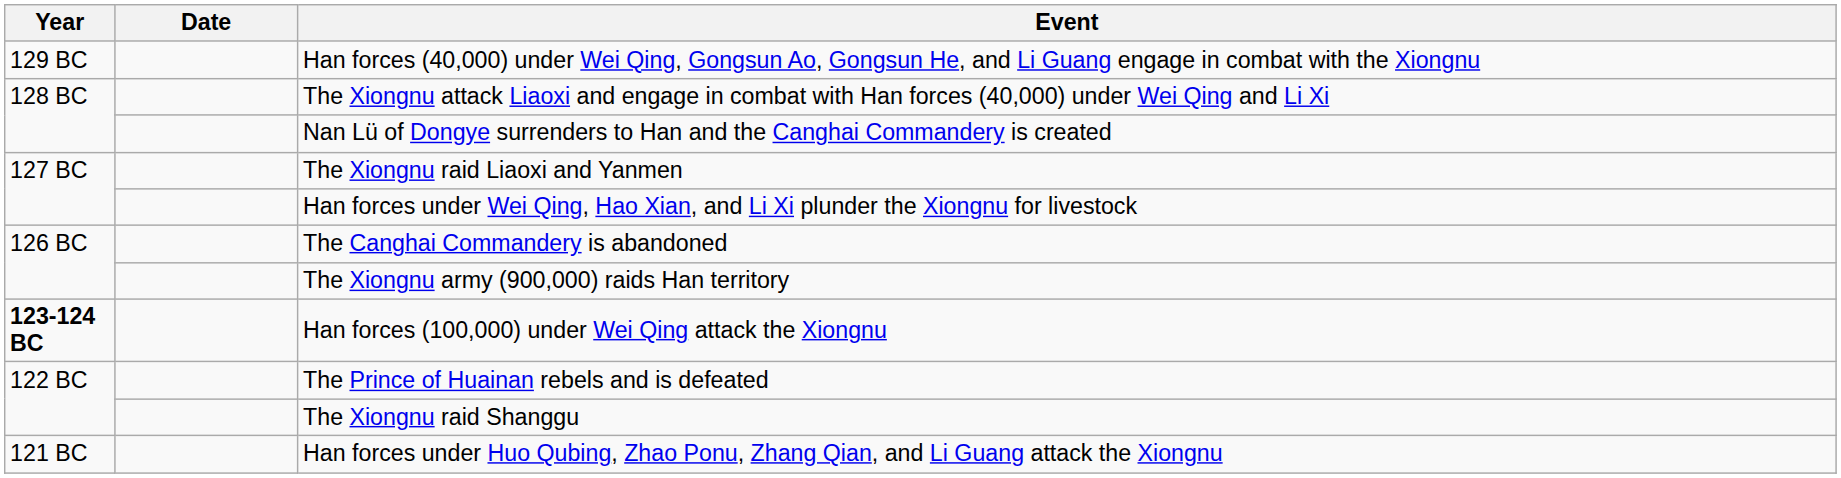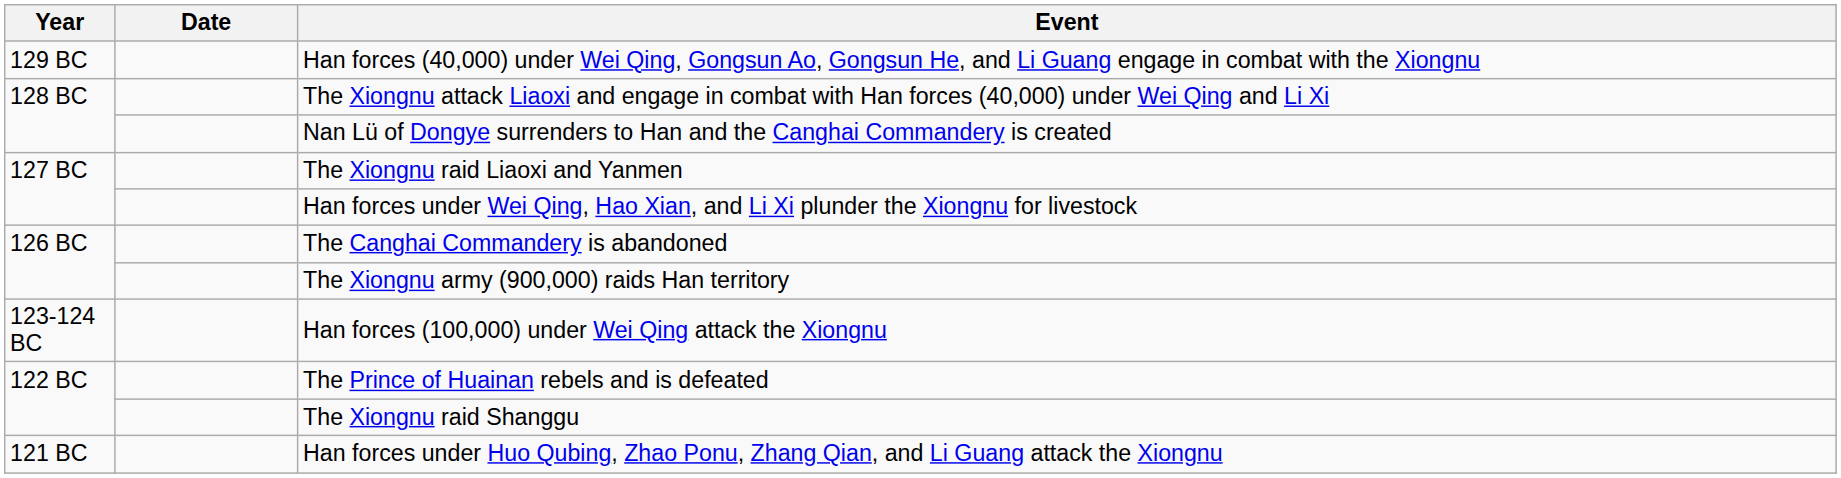 <table class="wikitable" style="width:100%;">
 <tr>
 <th style="width:6%">Year</th>
 <th style="width:10%">Date</th>
 <th>Event</th>
 </tr>
 <tr>
 <td>129 BC</td>
 <td></td>
 <td>Han forces (40,000) under <a href='#'>Wei Qing</a>, <a href='#'>Gongsun Ao</a>, <a href='#'>Gongsun He</a>, and <a href='#'>Li Guang</a> engage in combat with the <a href='#'>Xiongnu</a></td>
 </tr>
 <tr>
 <td rowspan="2" style="vertical-align:top;">128 BC</td>
 <td></td>
 <td>The <a href='#'>Xiongnu</a> attack <a href='#'>Liaoxi</a> and engage in combat with Han forces (40,000) under <a href='#'>Wei Qing</a> and <a href='#'>Li Xi</a></td>
 </tr>
 <tr>
 <td></td>
 <td>Nan Lü of <a href='#'>Dongye</a> surrenders to Han and the <a href='#'>Canghai Commandery</a> is created</td>
 </tr>
 <tr>
 <td rowspan="2" style="vertical-align:top;">127 BC</td>
 <td></td>
 <td>The <a href='#'>Xiongnu</a> raid Liaoxi and Yanmen</td>
 </tr>
 <tr>
 <td></td>
 <td>Han forces under <a href='#'>Wei Qing</a>, <a href='#'>Hao Xian</a>, and <a href='#'>Li Xi</a> plunder the <a href='#'>Xiongnu</a> for livestock</td>
 </tr>
 <tr>
 <td rowspan="2" style="vertical-align:top;">126 BC</td>
 <td></td>
 <td>The <a href='#'>Canghai Commandery</a> is abandoned</td>
 </tr>
 <tr>
 <td></td>
 <td>The <a href='#'>Xiongnu</a> army (900,000) raids Han territory</td>
 </tr>
 <tr>
-<td><strong>123-124 BC</strong></td>
+<td>123-124 BC</td>
 <td></td>
 <td>Han forces (100,000) under <a href='#'>Wei Qing</a> attack the <a href='#'>Xiongnu</a></td>
 </tr>
 <tr>
 <td rowspan="2" style="vertical-align:top;">122 BC</td>
 <td></td>
 <td>The <a href='#'>Prince of Huainan</a> rebels and is defeated</td>
 </tr>
 <tr>
 <td></td>
 <td>The <a href='#'>Xiongnu</a> raid Shanggu</td>
 </tr>
 <tr>
 <td>121 BC</td>
 <td></td>
 <td>Han forces under <a href='#'>Huo Qubing</a>, <a href='#'>Zhao Ponu</a>, <a href='#'>Zhang Qian</a>, and <a href='#'>Li Guang</a> attack the <a href='#'>Xiongnu</a></td>
 </tr>
 </table>
